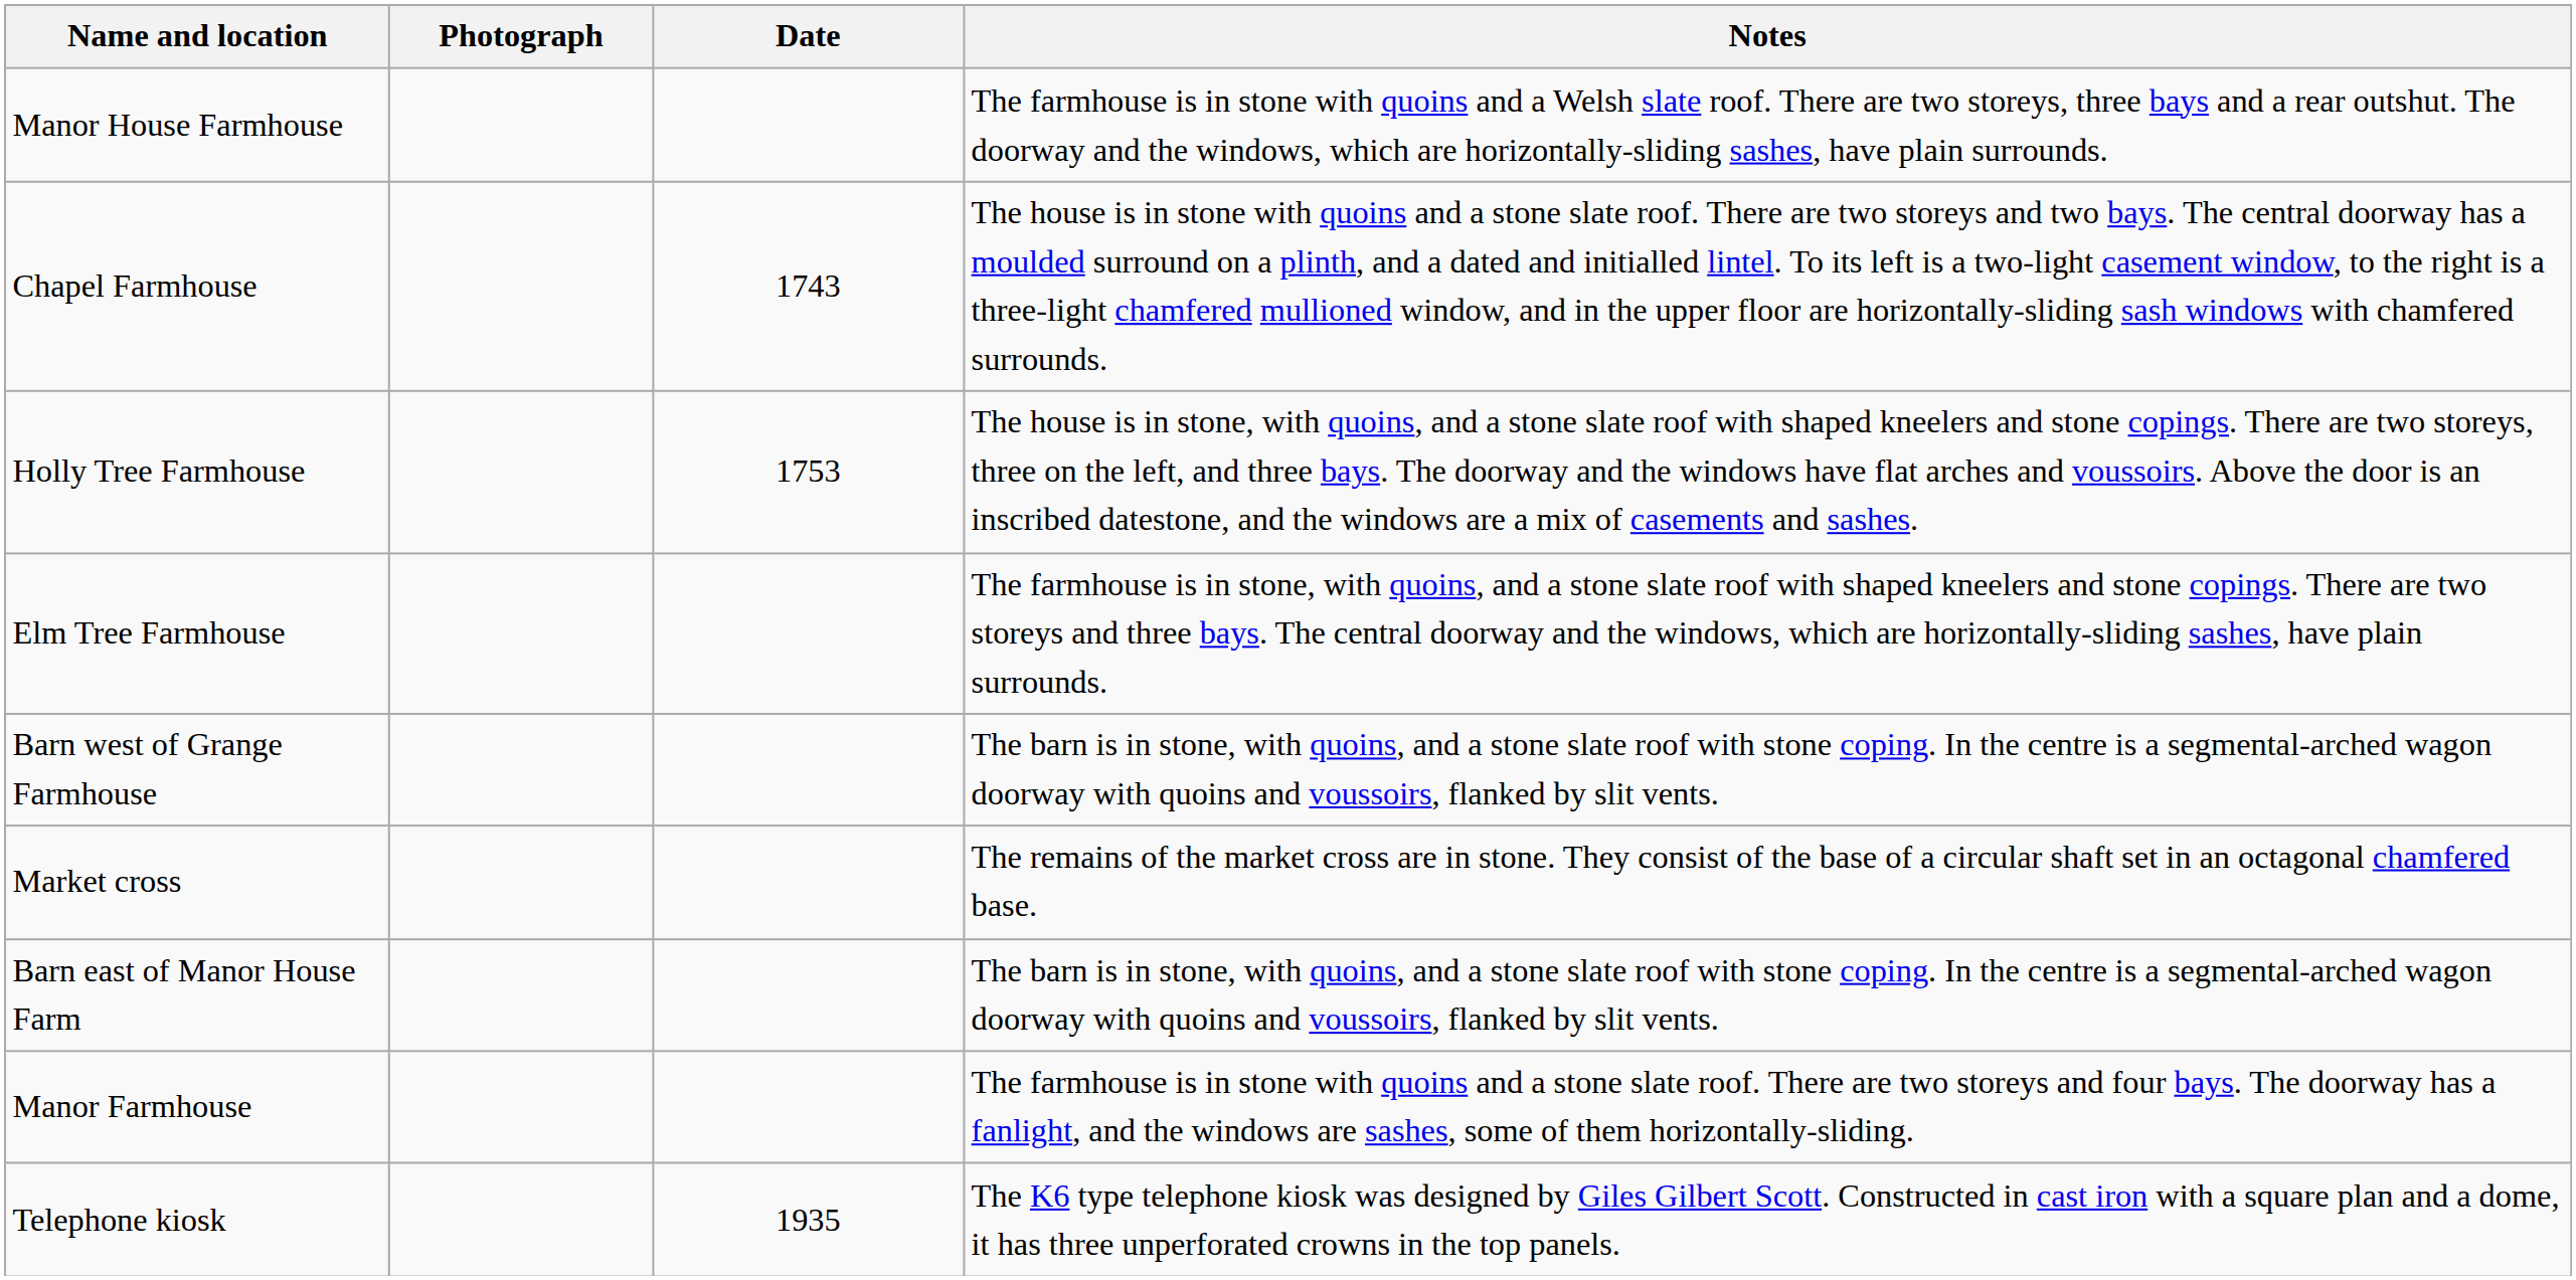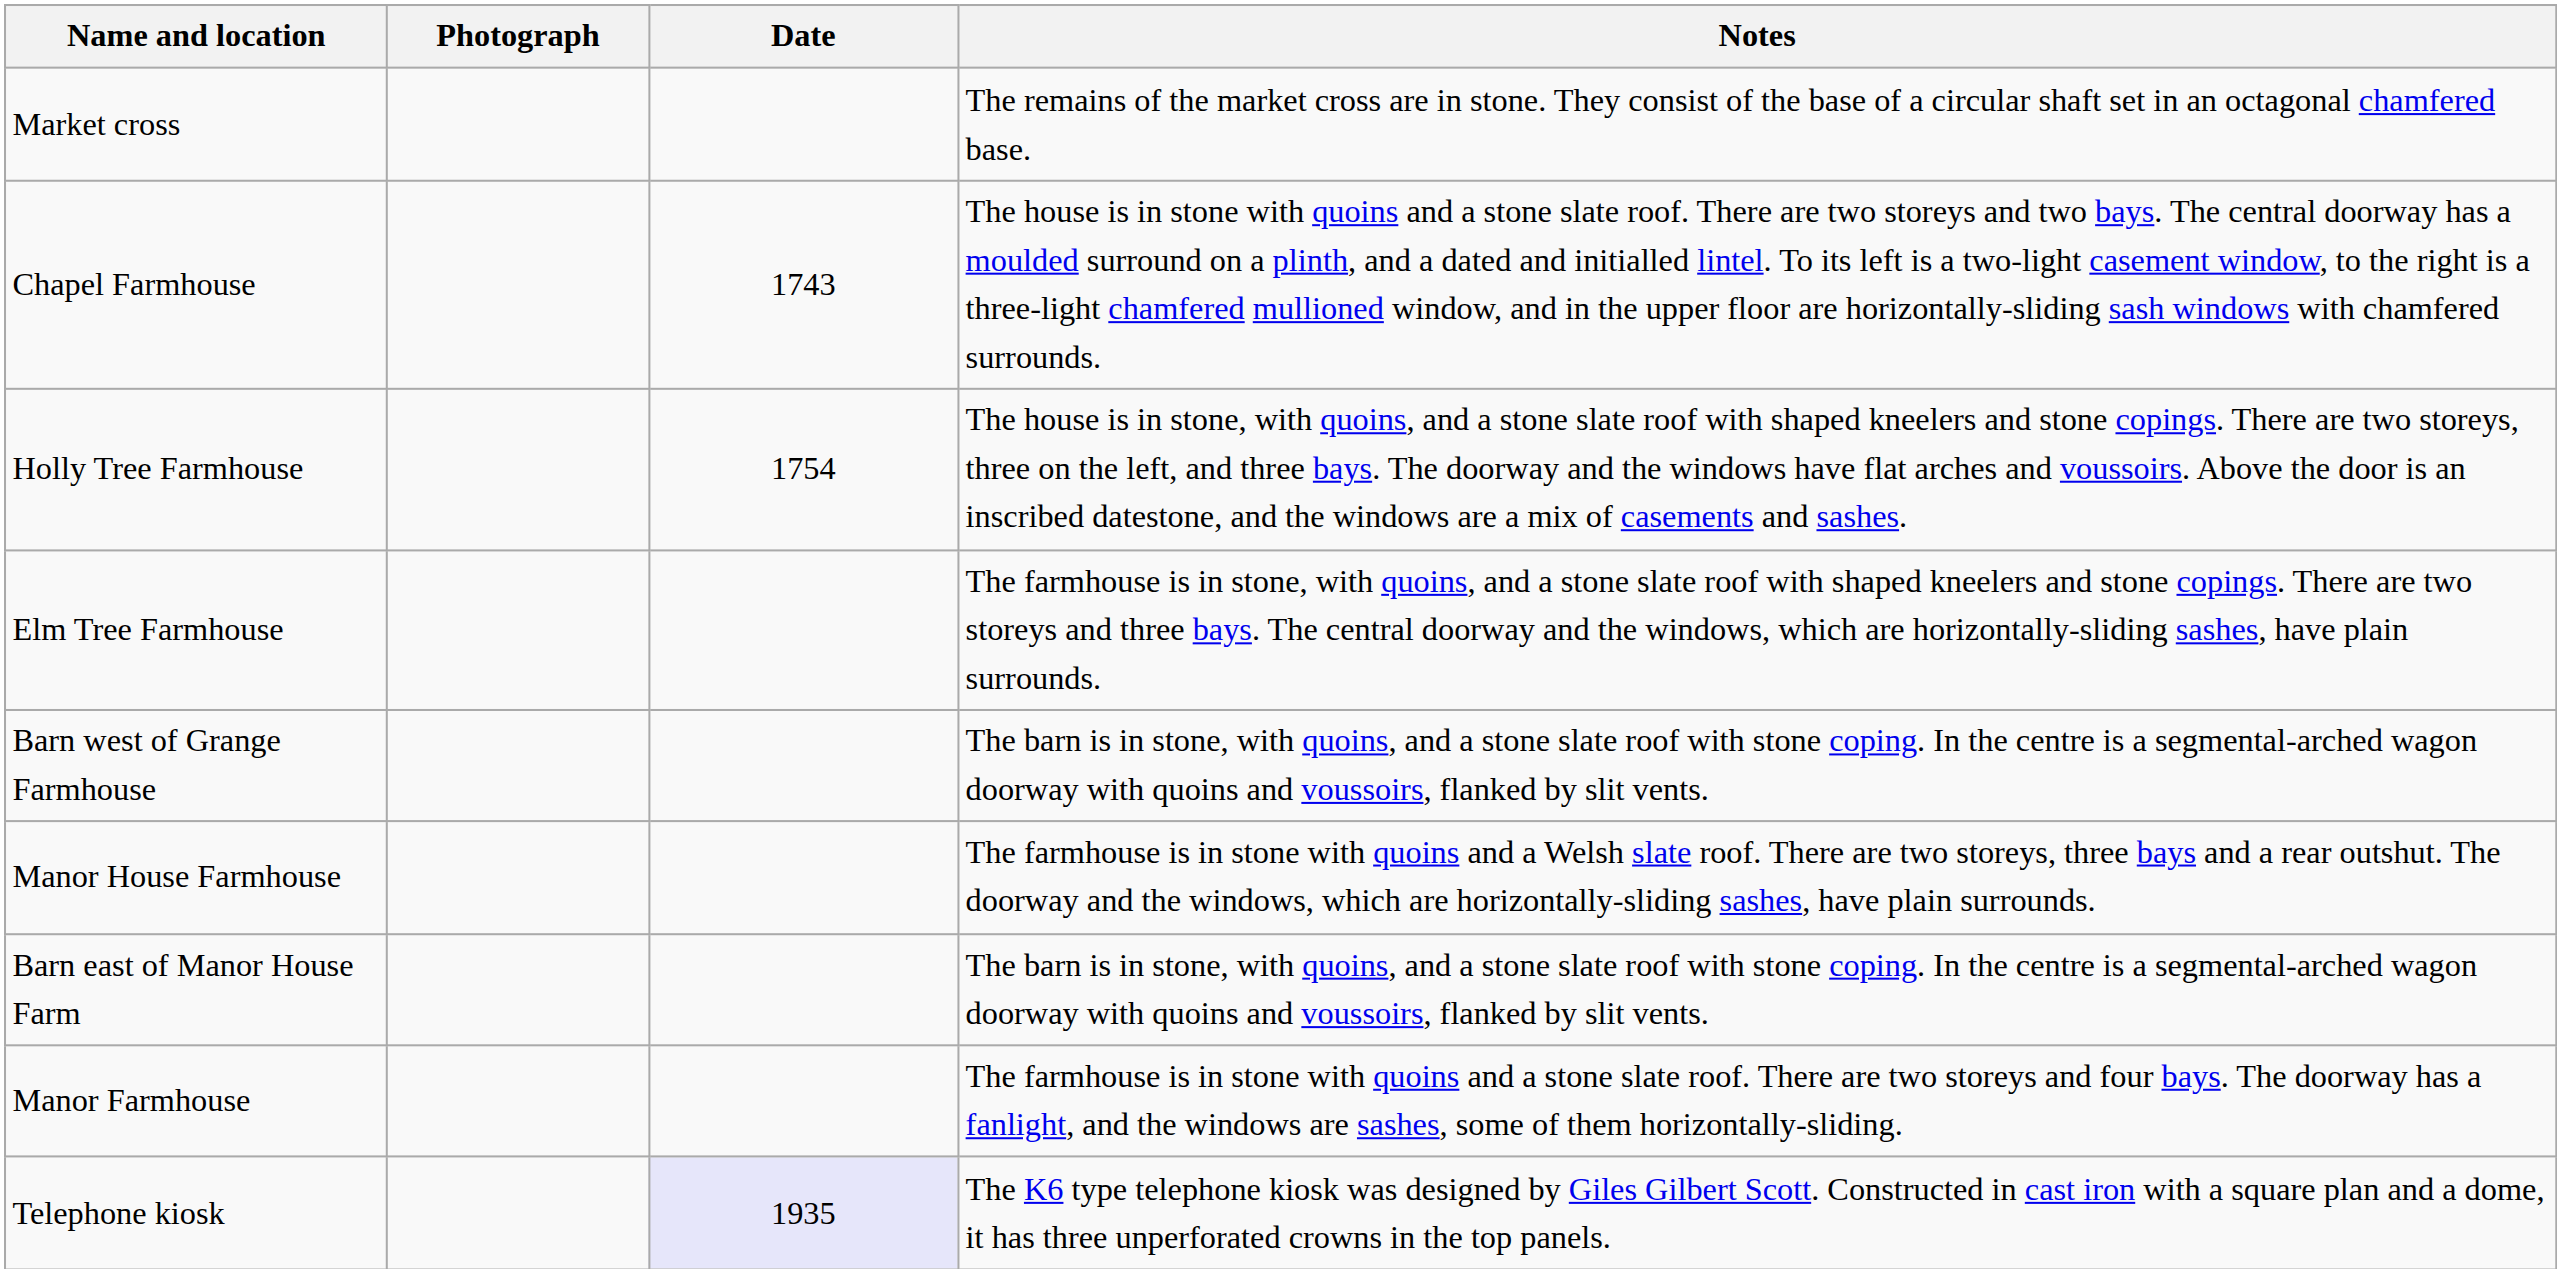 <table class="wikitable sortable plainrowheaders" style="width:100%;border:0px;text-align:left;line-height:150%;">
 <tr>
 <th scope="col"  style="width:150px">Name and location</th>
 <th scope="col"  style="width:100px" class="unsortable">Photograph</th>
 <th scope="col"  style="width:120px">Date</th>
 <th scope="col"  style="width:650px" class="unsortable">Notes</th>
 </tr>
 <tr>
-<td>Manor House Farmhouse<br><small></small></td>
+<td>Market cross<br><small></small></td>
 <td></td>
 <td align="center"></td>
-<td>The farmhouse is in stone with <a href='#'>quoins</a> and a Welsh <a href='#'>slate</a> roof.  There are two storeys, three <a href='#'>bays</a> and a rear outshut.  The doorway and the windows, which are horizontally-sliding <a href='#'>sashes</a>, have plain surrounds.</td>
+<td>The remains of the market cross are in stone.  They consist of the base of a circular shaft set in an octagonal <a href='#'>chamfered</a> base.</td>
 </tr>
 <tr>
 <td>Chapel Farmhouse<br><small></small></td>
 <td></td>
 <td align="center">1743</td>
 <td>The house is in stone with <a href='#'>quoins</a> and a stone slate roof.  There are two storeys and two <a href='#'>bays</a>.  The central doorway has a <a href='#'>moulded</a> surround on a <a href='#'>plinth</a>, and a dated and initialled <a href='#'>lintel</a>.  To its left is a two-light <a href='#'>casement window</a>, to the right is a three-light <a href='#'>chamfered</a> <a href='#'>mullioned</a> window, and in the upper floor are horizontally-sliding <a href='#'>sash windows</a> with chamfered surrounds.</td>
 </tr>
 <tr>
 <td>Holly Tree Farmhouse<br><small></small></td>
 <td></td>
-<td align="center">1753</td>
+<td align="center">1754</td>
 <td>The house is in stone, with <a href='#'>quoins</a>, and a stone slate roof with shaped kneelers and stone <a href='#'>copings</a>.  There are two storeys, three on the left, and three <a href='#'>bays</a>.  The doorway and the windows have flat arches and <a href='#'>voussoirs</a>.  Above the door is an inscribed datestone, and the windows are a mix of <a href='#'>casements</a> and <a href='#'>sashes</a>.</td>
 </tr>
 <tr>
 <td>Elm Tree Farmhouse<br><small></small></td>
 <td></td>
 <td align="center"></td>
 <td>The farmhouse is in stone, with <a href='#'>quoins</a>, and a stone slate roof with shaped kneelers and stone <a href='#'>copings</a>.  There are two storeys and three <a href='#'>bays</a>.  The central doorway and the windows, which are horizontally-sliding <a href='#'>sashes</a>, have plain surrounds.</td>
 </tr>
 <tr>
 <td>Barn west of Grange Farmhouse<br><small></small></td>
 <td></td>
 <td align="center"></td>
 <td>The barn is in stone, with <a href='#'>quoins</a>, and a stone slate roof with stone <a href='#'>coping</a>.  In the centre is a segmental-arched wagon doorway with quoins and <a href='#'>voussoirs</a>, flanked by slit vents.</td>
 </tr>
 <tr>
-<td>Market cross<br><small></small></td>
+<td>Manor House Farmhouse<br><small></small></td>
 <td></td>
 <td align="center"></td>
-<td>The remains of the market cross are in stone.  They consist of the base of a circular shaft set in an octagonal <a href='#'>chamfered</a> base.</td>
+<td>The farmhouse is in stone with <a href='#'>quoins</a> and a Welsh <a href='#'>slate</a> roof.  There are two storeys, three <a href='#'>bays</a> and a rear outshut.  The doorway and the windows, which are horizontally-sliding <a href='#'>sashes</a>, have plain surrounds.</td>
 </tr>
 <tr>
 <td>Barn east of Manor House Farm<br><small></small></td>
 <td></td>
 <td align="center"></td>
 <td>The barn is in stone, with <a href='#'>quoins</a>, and a stone slate roof with stone <a href='#'>coping</a>.  In the centre is a segmental-arched wagon doorway with quoins and <a href='#'>voussoirs</a>, flanked by slit vents.</td>
 </tr>
 <tr>
 <td>Manor Farmhouse<br><small></small></td>
 <td></td>
 <td align="center"></td>
 <td>The farmhouse is in stone with <a href='#'>quoins</a> and a stone slate roof.  There are two storeys and four <a href='#'>bays</a>.  The doorway has a <a href='#'>fanlight</a>, and the windows are <a href='#'>sashes</a>, some of them horizontally-sliding.</td>
 </tr>
 <tr>
 <td>Telephone kiosk<br><small></small></td>
 <td></td>
-<td align="center">1935</td>
+<td align="center" style="background: lavender;">1935</td>
 <td>The <a href='#'>K6</a> type telephone kiosk was designed by <a href='#'>Giles Gilbert Scott</a>.  Constructed in <a href='#'>cast iron</a> with a square plan and a dome, it has three unperforated crowns in the top panels.</td>
 </tr>
 <tr>
 </tr>
 </table>
